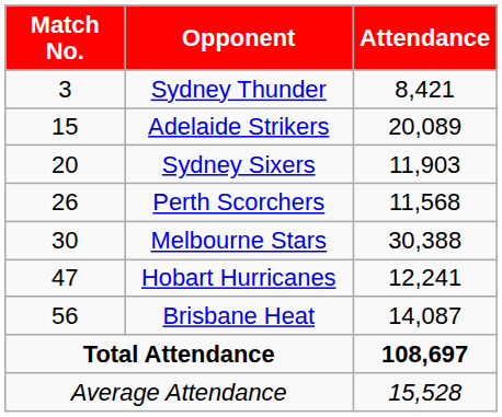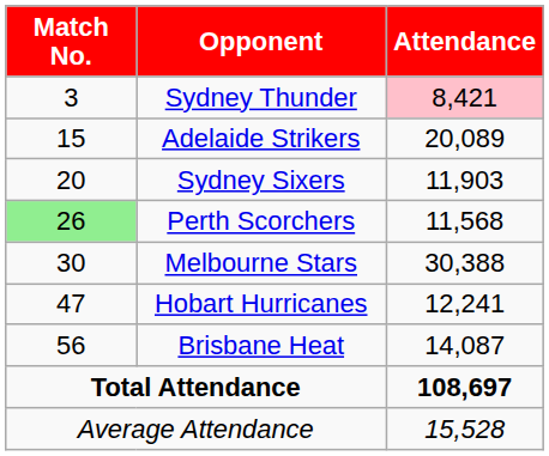 <table class="wikitable" style="text-align:center; font-size:90%">
 <tr>
 <th style="width:65px; background:red; color:white; text-align:center;">Match No.</th>
 <th style="width:130px; background:red; color:white; text-align:center;" class="unsortable">Opponent</th>
 <th style="width:80px; background:red; color:white; text-align:center;">Attendance</th>
 </tr>
 <tr>
 <td>3</td>
 <td><a href='#'>Sydney Thunder</a></td>
-<td>8,421</td>
+<td style="background: pink;">8,421</td>
 </tr>
 <tr>
 <td>15</td>
 <td><a href='#'>Adelaide Strikers</a></td>
 <td>20,089</td>
 </tr>
 <tr>
 <td>20</td>
 <td><a href='#'>Sydney Sixers</a></td>
 <td>11,903</td>
 </tr>
 <tr>
-<td>26</td>
+<td style="background: lightgreen;">26</td>
 <td><a href='#'>Perth Scorchers</a></td>
 <td>11,568</td>
 </tr>
 <tr>
 <td>30</td>
 <td><a href='#'>Melbourne Stars</a></td>
 <td>30,388</td>
 </tr>
 <tr>
 <td>47</td>
 <td><a href='#'>Hobart Hurricanes</a></td>
 <td>12,241</td>
 </tr>
 <tr>
 <td>56</td>
 <td><a href='#'>Brisbane Heat</a></td>
 <td>14,087</td>
 </tr>
 <tr class="sortbottom">
 <td colspan="2"><strong>Total Attendance</strong></td>
 <td><strong>108,697</strong></td>
 </tr>
 <tr class="sortbottom">
 <td colspan="2"><em>Average Attendance</em></td>
 <td><em>15,528</em></td>
 </tr>
 </table>
